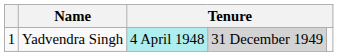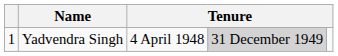 <table class="wikitable" style="text-align:center">
 <tr>
 <th scope="col"></th>
 <th scope="col">Name</th>
 <th colspan="3" scope="col">Tenure</th>
 </tr>
 <tr>
 <td>1</td>
 <td>Yadvendra Singh</td>
-<td style="background: paleturquoise;">4 April 1948</td>
+<td>4 April 1948</td>
 <td style="background: lightgrey;">31 December 1949</td>
 <td></td>
 </tr>
 </table>
